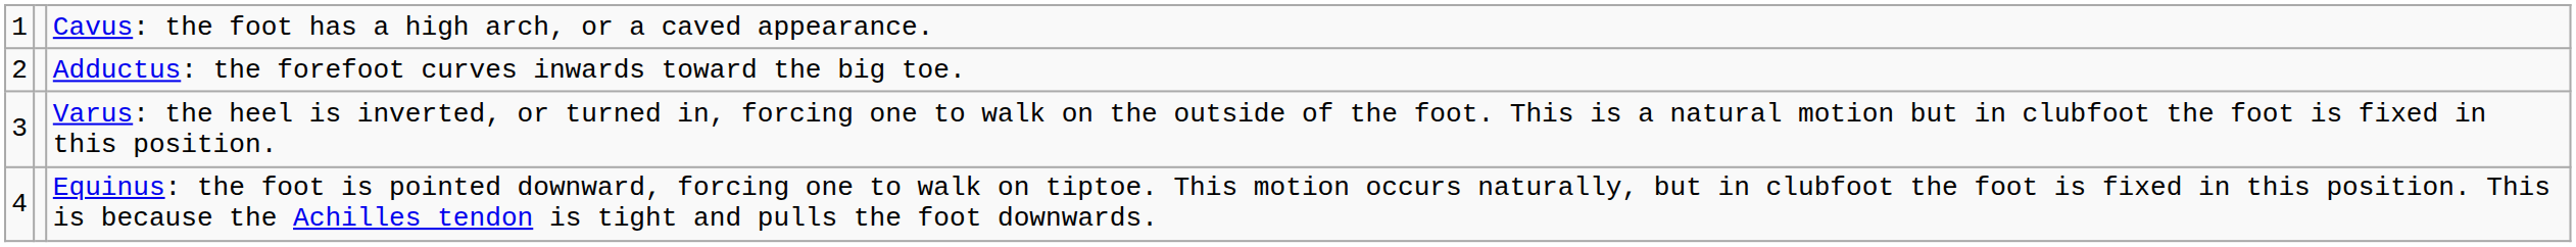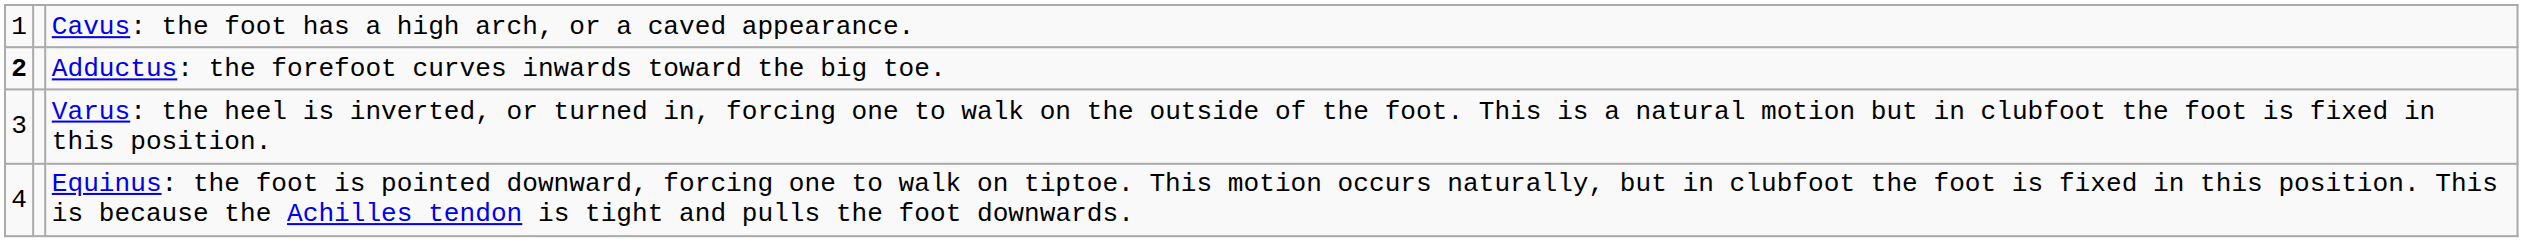 <table class="wikitable">
 <tr>
 <td>1</td>
 <td></td>
 <td><a href='#'>Cavus</a>: the foot has a high arch, or a caved appearance.</td>
 </tr>
 <tr>
-<td>2</td>
+<td><strong>2</strong></td>
 <td></td>
 <td><a href='#'>Adductus</a>: the forefoot curves inwards toward the big toe.</td>
 </tr>
 <tr>
 <td>3</td>
 <td></td>
 <td><a href='#'>Varus</a>: the heel is inverted, or turned in, forcing one to walk on the outside of the foot. This is a natural motion but in clubfoot the foot is fixed in this position.</td>
 </tr>
 <tr>
 <td>4</td>
 <td></td>
 <td><a href='#'>Equinus</a>: the foot is pointed downward, forcing one to walk on tiptoe. This motion occurs naturally, but in clubfoot the foot is fixed in this position. This is because the <a href='#'>Achilles tendon</a> is tight and pulls the foot downwards.</td>
 </tr>
 </table>
